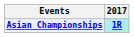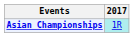 <table style='font-size: 90%; text-align:center;' class='wikitable'>
 <tr>
 <th>Events</th>
 <th>2017</th>
 </tr>
 <tr>
 <td bgcolor="#ECF2FF"; align="left"><strong><a href='#'>Asian Championships</a></strong></td>
-<td bgcolor=AFEEEE><strong><a href='#'>1R</a></strong></td>
+<td bgcolor=AFEEEE><a href='#'>1R</a></td>
 </tr>
 </table>
